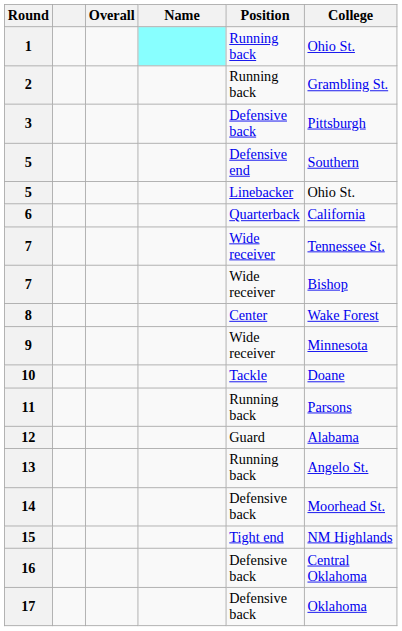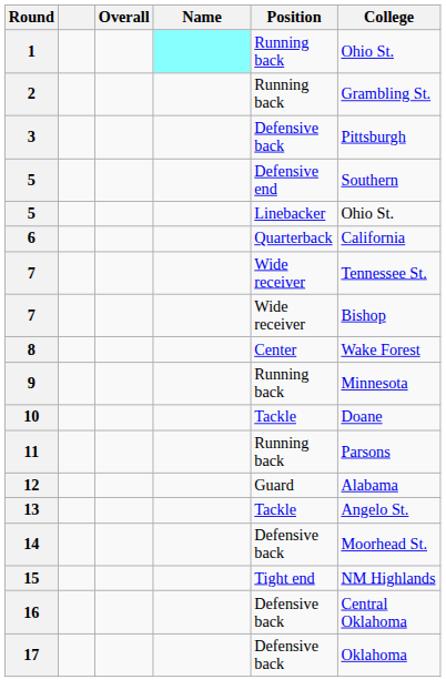 <table class="wikitable sortable" style="width: 50%;">
 <tr>
 <th scope="col" style="width: 10%;">Round</th>
 <th scope="col" style="width: 10%;"></th>
 <th scope="col" style="width: 10%;">Overall</th>
 <th scope="col" style="width: 25%;">Name</th>
 <th scope="col" style="width: 20%;">Position</th>
 <th scope="col" style="width: 25%;">College</th>
 </tr>
 <tr>
 <th scope="row">1</th>
 <td></td>
 <td></td>
 <td style="background:#88FFFF;"> <sup></sup></td>
 <td><a href='#'>Running back</a></td>
 <td><a href='#'>Ohio St.</a></td>
 </tr>
 <tr>
 <th scope="row">2</th>
 <td></td>
 <td></td>
 <td></td>
 <td>Running back</td>
 <td><a href='#'>Grambling St.</a></td>
 </tr>
 <tr>
 <th scope="row">3</th>
 <td></td>
 <td></td>
 <td></td>
 <td><a href='#'>Defensive back</a></td>
 <td><a href='#'>Pittsburgh</a></td>
 </tr>
 <tr>
 <th scope="row">5</th>
 <td></td>
 <td></td>
 <td></td>
 <td><a href='#'>Defensive end</a></td>
 <td><a href='#'>Southern</a></td>
 </tr>
 <tr>
 <th scope="row">5</th>
 <td></td>
 <td></td>
 <td></td>
 <td><a href='#'>Linebacker</a></td>
 <td>Ohio St.</td>
 </tr>
 <tr>
 <th scope="row">6</th>
 <td></td>
 <td></td>
 <td></td>
 <td><a href='#'>Quarterback</a></td>
 <td><a href='#'>California</a></td>
 </tr>
 <tr>
 <th scope="row">7</th>
 <td></td>
 <td></td>
 <td></td>
 <td><a href='#'>Wide receiver</a></td>
 <td><a href='#'>Tennessee St.</a></td>
 </tr>
 <tr>
 <th scope="row">7</th>
 <td></td>
 <td></td>
 <td></td>
 <td>Wide receiver</td>
 <td><a href='#'>Bishop</a></td>
 </tr>
 <tr>
 <th scope="row">8</th>
 <td></td>
 <td></td>
 <td></td>
 <td><a href='#'>Center</a></td>
 <td><a href='#'>Wake Forest</a></td>
 </tr>
 <tr>
 <th scope="row">9</th>
 <td></td>
 <td></td>
 <td></td>
-<td>Wide receiver</td>
+<td>Running back</td>
 <td><a href='#'>Minnesota</a></td>
 </tr>
 <tr>
 <th scope="row">10</th>
 <td></td>
 <td></td>
 <td></td>
 <td><a href='#'>Tackle</a></td>
 <td><a href='#'>Doane</a></td>
 </tr>
 <tr>
 <th scope="row">11</th>
 <td></td>
 <td></td>
 <td></td>
 <td>Running back</td>
 <td><a href='#'>Parsons</a></td>
 </tr>
 <tr>
 <th scope="row">12</th>
 <td></td>
 <td></td>
 <td></td>
 <td>Guard</td>
 <td><a href='#'>Alabama</a></td>
 </tr>
 <tr>
 <th scope="row">13</th>
 <td></td>
 <td></td>
 <td></td>
-<td>Running back</td>
+<td><a href='#'>Tackle</a></td>
 <td><a href='#'>Angelo St.</a></td>
 </tr>
 <tr>
 <th scope="row">14</th>
 <td></td>
 <td></td>
 <td></td>
 <td>Defensive back</td>
 <td><a href='#'>Moorhead St.</a></td>
 </tr>
 <tr>
 <th scope="row">15</th>
 <td></td>
 <td></td>
 <td></td>
 <td><a href='#'>Tight end</a></td>
 <td><a href='#'>NM Highlands</a></td>
 </tr>
 <tr>
 <th scope="row">16</th>
 <td></td>
 <td></td>
 <td></td>
 <td>Defensive back</td>
 <td><a href='#'>Central Oklahoma</a></td>
 </tr>
 <tr>
 <th scope="row">17</th>
 <td></td>
 <td></td>
 <td></td>
 <td>Defensive back</td>
 <td><a href='#'>Oklahoma</a></td>
 </tr>
 </table>
